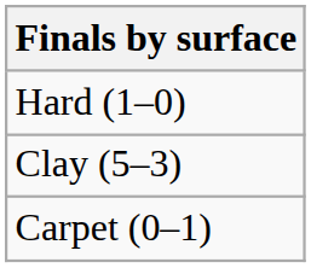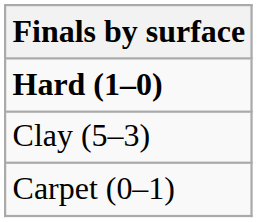 <table class=wikitable style="font-size:90%">
 <tr>
 <th>Finals by surface</th>
 </tr>
 <tr>
-<td>Hard (1–0)</td>
+<td><strong>Hard (1–0)</strong></td>
 </tr>
 <tr>
 <td>Clay (5–3)</td>
 </tr>
 <tr>
 <td>Carpet (0–1)</td>
 </tr>
 </table>
